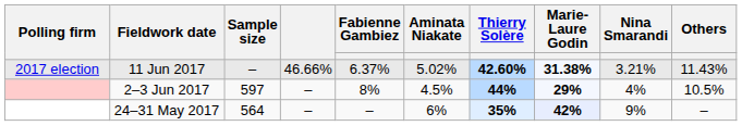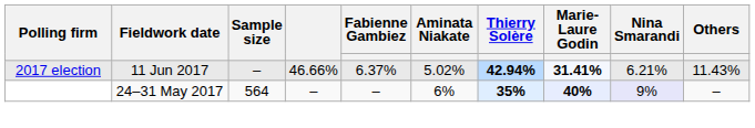 <table class="wikitable sortable" style="text-align:center;font-size:90%;line-height:14px;">
 <tr style="height:40px;">
 <th style="width:100px;" rowspan="2">Polling firm</th>
 <th style="width:110px;" rowspan="2">Fieldwork date</th>
 <th style="width:35px;" rowspan="2">Sample<br>size</th>
 <th style="width:30px;" rowspan="2"></th>
 <th class="unsortable" style="width:60px;">Fabienne Gambiez<br></th>
 <th class="unsortable" style="width:60px;">Aminata Niakate<br></th>
 <th class="unsortable" style="width:60px;"><a href='#'>Thierry Solère</a><br></th>
 <th class="unsortable" style="width:60px;">Marie-Laure Godin<br></th>
 <th class="unsortable" style="width:60px;">Nina Smarandi<br></th>
 <th class="unsortable" style="width:60px;">Others</th>
 </tr>
 <tr>
 <th style="background:"></th>
 <th style="background:"></th>
 <th style="background:"></th>
 <th style="background:"></th>
 <th style="background:"></th>
 <th style="background:"></th>
 </tr>
 <tr style="background:#E9E9E9;">
 <td><a href='#'>2017 election</a></td>
 <td data-sort-value="2017-06-11">11 Jun 2017</td>
 <td>–</td>
 <td>46.66%</td>
 <td>6.37%</td>
 <td>5.02%</td>
-<td style="background:#B9DAFF;"><strong>42.60%</strong></td>
-<td style="background:#F4F7FE;"><strong>31.38%</strong></td>
-<td>3.21%</td>
+<td style="background:#B9DAFF;"><strong>42.94%</strong></td>
+<td style="background:#F4F7FE;"><strong>31.41%</strong></td>
+<td>6.21%</td>
 <td>11.43%</td>
-</tr>
-<tr>
-<td style="background:#FFCCCC;"></td>
-<td data-sort-value="2017-06-03">2–3 Jun 2017</td>
-<td>597</td>
-<td>–</td>
-<td>8%</td>
-<td>4.5%</td>
-<td style="background:#B9DAFF;"><strong>44%</strong></td>
-<td style="background:#F4F7FE;"><strong>29%</strong></td>
-<td>4%</td>
-<td>10.5%</td>
 </tr>
 <tr>
 <td style="background:#FFFFFF;"></td>
 <td data-sort-value="2017-05-31">24–31 May 2017</td>
 <td>564</td>
 <td>–</td>
 <td>–</td>
 <td>6%</td>
 <td style="background:#DFEEFF;"><strong>35%</strong></td>
-<td style="background:#E7EDFE;"><strong>42%</strong></td>
-<td>9%</td>
+<td style="background:#E7EDFE;"><strong>40%</strong></td>
+<td style="background: lavender;">9%</td>
 <td>–</td>
 </tr>
 </table>
